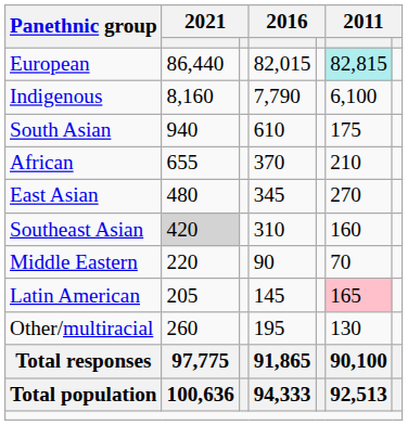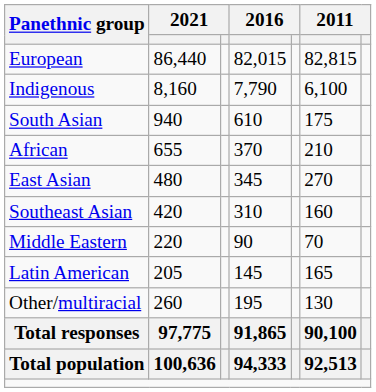 <table class="wikitable collapsible sortable">
 <tr>
 <th rowspan="2"><a href='#'>Panethnic</a> group</th>
 <th colspan="2">2021</th>
 <th colspan="2">2016</th>
 <th colspan="2">2011</th>
 </tr>
 <tr>
 <th><a href='#'></a></th>
 <th></th>
 <th></th>
 <th></th>
 <th></th>
 <th></th>
 </tr>
 <tr>
 <td><a href='#'>European</a></td>
 <td>86,440</td>
 <td></td>
 <td>82,015</td>
 <td></td>
-<td style="background: paleturquoise;">82,815</td>
+<td>82,815</td>
 <td></td>
 </tr>
 <tr>
 <td><a href='#'>Indigenous</a></td>
 <td>8,160</td>
 <td></td>
 <td>7,790</td>
 <td></td>
 <td>6,100</td>
 <td></td>
 </tr>
 <tr>
 <td><a href='#'>South Asian</a></td>
 <td>940</td>
 <td></td>
 <td>610</td>
 <td></td>
 <td>175</td>
 <td></td>
 </tr>
 <tr>
 <td><a href='#'>African</a></td>
 <td>655</td>
 <td></td>
 <td>370</td>
 <td></td>
 <td>210</td>
 <td></td>
 </tr>
 <tr>
 <td><a href='#'>East Asian</a></td>
 <td>480</td>
 <td></td>
 <td>345</td>
 <td></td>
 <td>270</td>
 <td></td>
 </tr>
 <tr>
 <td><a href='#'>Southeast Asian</a></td>
-<td style="background: lightgrey;">420</td>
+<td>420</td>
 <td></td>
 <td>310</td>
 <td></td>
 <td>160</td>
 <td></td>
 </tr>
 <tr>
 <td><a href='#'>Middle Eastern</a></td>
 <td>220</td>
 <td></td>
 <td>90</td>
 <td></td>
 <td>70</td>
 <td></td>
 </tr>
 <tr>
 <td><a href='#'>Latin American</a></td>
 <td>205</td>
 <td></td>
 <td>145</td>
 <td></td>
-<td style="background: pink;">165</td>
+<td>165</td>
 <td></td>
 </tr>
 <tr>
 <td>Other/<a href='#'>multiracial</a></td>
 <td>260</td>
 <td></td>
 <td>195</td>
 <td></td>
 <td>130</td>
 <td></td>
 </tr>
 <tr>
 <th>Total responses</th>
 <th>97,775</th>
 <th></th>
 <th>91,865</th>
 <th></th>
 <th>90,100</th>
 <th></th>
 </tr>
 <tr class="sortbottom">
 <th>Total population</th>
 <th>100,636</th>
 <th></th>
 <th>94,333</th>
 <th></th>
 <th>92,513</th>
 <th></th>
 </tr>
 <tr class="sortbottom">
 <td colspan="15"></td>
 </tr>
 </table>
